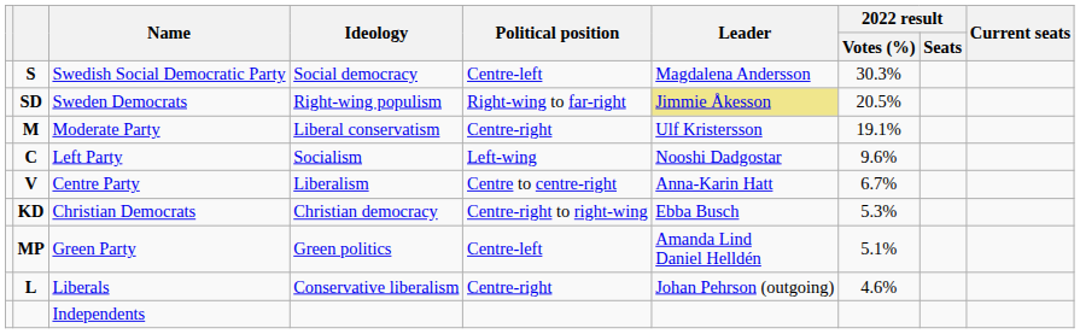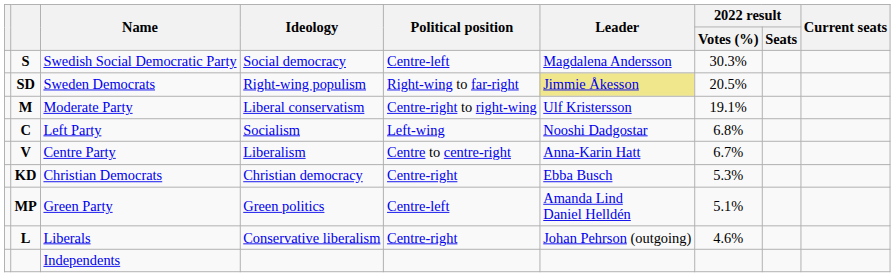 <table class="wikitable" style="text-align:left">
 <tr>
 <th rowspan="2"></th>
 <th rowspan="2"></th>
 <th rowspan="2">Name</th>
 <th rowspan="2">Ideology</th>
 <th rowspan="2">Political position</th>
 <th rowspan="2">Leader</th>
 <th colspan="2">2022 result</th>
 <th rowspan="2">Current seats</th>
 </tr>
 <tr>
 <th>Votes (%)</th>
 <th>Seats</th>
 </tr>
 <tr>
 <td style="background:"></td>
 <td style="text-align:center;"><strong>S</strong></td>
 <td><a href='#'>Swedish Social Democratic Party</a></td>
 <td><a href='#'>Social democracy</a></td>
 <td><a href='#'>Centre-left</a></td>
 <td><a href='#'>Magdalena Andersson</a></td>
 <td style="text-align:center;">30.3%</td>
 <td></td>
 <td></td>
 </tr>
 <tr>
 <td style="background:"></td>
 <td style="text-align:center;"><strong>SD</strong></td>
 <td><a href='#'>Sweden Democrats</a></td>
 <td><a href='#'>Right-wing populism</a></td>
 <td><a href='#'>Right-wing</a> to <a href='#'>far-right</a></td>
 <td style="background: khaki;"><a href='#'>Jimmie Åkesson</a></td>
 <td style="text-align:center;">20.5%</td>
 <td></td>
 <td></td>
 </tr>
 <tr>
 <td style="background:"></td>
 <td style="text-align:center;"><strong>M</strong></td>
 <td><a href='#'>Moderate Party</a></td>
 <td><a href='#'>Liberal conservatism</a></td>
-<td><a href='#'>Centre-right</a></td>
+<td><a href='#'>Centre-right</a> to <a href='#'>right-wing</a></td>
 <td><a href='#'>Ulf Kristersson</a></td>
 <td style="text-align:center;">19.1%</td>
 <td></td>
 <td></td>
 </tr>
 <tr>
 <td style="background:"></td>
 <td style="text-align:center;"><strong>C</strong></td>
 <td><a href='#'>Left Party</a></td>
 <td><a href='#'>Socialism</a></td>
 <td><a href='#'>Left-wing</a></td>
 <td><a href='#'>Nooshi Dadgostar</a></td>
-<td style="text-align:center;">9.6%</td>
+<td style="text-align:center;">6.8%</td>
 <td></td>
 <td></td>
 </tr>
 <tr>
 <td style="background:"></td>
 <td style="text-align:center;"><strong>V</strong></td>
 <td><a href='#'>Centre Party</a></td>
 <td><a href='#'>Liberalism</a></td>
 <td><a href='#'>Centre</a> to <a href='#'>centre-right</a></td>
 <td><a href='#'>Anna-Karin Hatt</a></td>
 <td style="text-align:center;">6.7%</td>
 <td></td>
 <td></td>
 </tr>
 <tr>
 <td style="background:"></td>
 <td style="text-align:center;"><strong>KD</strong></td>
 <td><a href='#'>Christian Democrats</a></td>
 <td><a href='#'>Christian democracy</a></td>
-<td><a href='#'>Centre-right</a> to <a href='#'>right-wing</a></td>
+<td><a href='#'>Centre-right</a></td>
 <td><a href='#'>Ebba Busch</a></td>
 <td style="text-align:center;">5.3%</td>
 <td></td>
 <td></td>
 </tr>
 <tr>
 <td style="background:"></td>
 <td style="text-align:center;"><strong>MP</strong></td>
 <td><a href='#'>Green Party</a></td>
 <td><a href='#'>Green politics</a></td>
 <td><a href='#'>Centre-left</a></td>
 <td><a href='#'>Amanda Lind</a><br><a href='#'>Daniel Helldén</a></td>
 <td style="text-align:center;">5.1%</td>
 <td></td>
 <td></td>
 </tr>
 <tr>
 <td style="background:"></td>
 <td style="text-align:center;"><strong>L</strong></td>
 <td><a href='#'>Liberals</a></td>
 <td><a href='#'>Conservative liberalism</a></td>
 <td><a href='#'>Centre-right</a></td>
 <td><a href='#'>Johan Pehrson</a> (outgoing)</td>
 <td style="text-align:center;">4.6%</td>
 <td></td>
 <td></td>
 </tr>
 <tr>
 <td style="background:"></td>
 <td></td>
 <td><a href='#'>Independents</a></td>
 <td></td>
 <td></td>
 <td></td>
 <td></td>
 <td></td>
 <td></td>
 </tr>
 </table>
